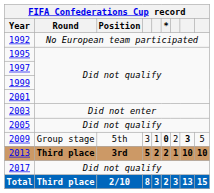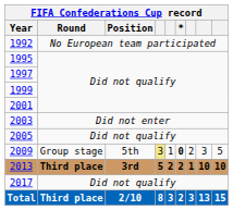 <table class="wikitable" style="text-align:center">
 <tr>
 <th colspan=10><a href='#'>FIFA Confederations Cup</a> record</th>
 </tr>
 <tr>
 <th>Year</th>
 <th>Round</th>
 <th>Position</th>
 <th></th>
 <th></th>
 <th>*</th>
 <th></th>
 <th></th>
 <th></th>
 </tr>
 <tr>
 <td> <a href='#'>1992</a></td>
 <td colspan="8"><em>No European team participated</em></td>
 </tr>
 <tr>
 <td> <a href='#'>1995</a></td>
 <td rowspan=4 colspan=8><em>Did not qualify</em></td>
 </tr>
 <tr>
 <td> <a href='#'>1997</a></td>
 </tr>
 <tr>
 <td> <a href='#'>1999</a></td>
 </tr>
 <tr>
 <td>  <a href='#'>2001</a></td>
 </tr>
 <tr>
 <td> <a href='#'>2003</a></td>
 <td colspan=8><em>Did not enter</em></td>
 </tr>
 <tr>
 <td> <a href='#'>2005</a></td>
 <td colspan=8><em>Did not qualify</em></td>
 </tr>
 <tr>
 <td> <a href='#'>2009</a></td>
 <td>Group stage</td>
 <td>5th</td>
-<td>3</td>
+<td style="background: khaki;">3</td>
 <td>1</td>
 <td><strong>0</strong></td>
 <td>2</td>
-<td><strong>3</strong></td>
+<td>3</td>
 <td>5</td>
 </tr>
 <tr style="background:#c96">
 <td> <a href='#'>2013</a></td>
 <td><strong>Third place</strong></td>
 <td><strong>3rd</strong></td>
 <td><strong>5</strong></td>
 <td><strong>2</strong></td>
 <td><strong>2</strong></td>
 <td><strong>1</strong></td>
 <td><strong>10</strong></td>
 <td><strong>10</strong></td>
 </tr>
 <tr>
 <td> <a href='#'>2017</a></td>
 <td colspan=8><em>Did not qualify</em></td>
 </tr>
 <tr style="color:white">
 <th style="background:#0066bc">Total</th>
 <th style="background:#0066bc">Third place</th>
 <th style="background:#0066bc">2/10</th>
 <th style="background:#0066bc">8</th>
 <th style="background:#0066bc">3</th>
 <th style="background:#0066bc">2</th>
 <th style="background:#0066bc">3</th>
 <th style="background:#0066bc">13</th>
 <th style="background:#0066bc">15</th>
 </tr>
 </table>
